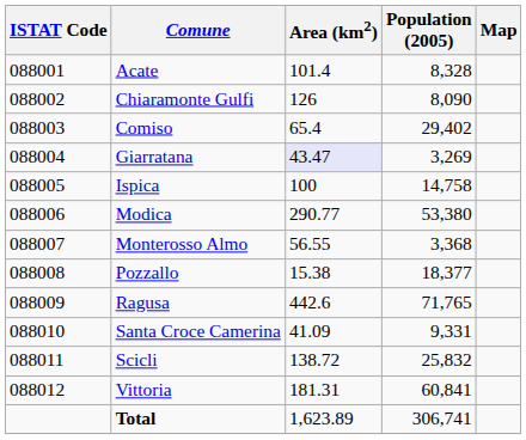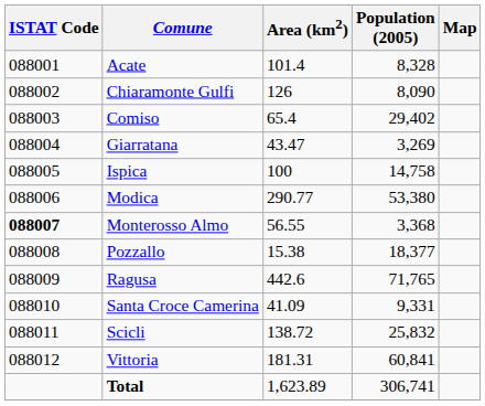 <table class="wikitable sortable">
 <tr>
 <th><a href='#'>ISTAT</a> Code</th>
 <th><em><a href='#'>Comune</a></em></th>
 <th>Area (km<sup>2</sup>)</th>
 <th>Population <br>(2005)</th>
 <th>Map</th>
 </tr>
 <tr>
 <td>088001</td>
 <td><a href='#'>Acate</a></td>
 <td>101.4</td>
 <td align="right">8,328</td>
 <td></td>
 </tr>
 <tr>
 <td>088002</td>
 <td><a href='#'>Chiaramonte Gulfi</a></td>
 <td>126</td>
 <td align="right">8,090</td>
 <td></td>
 </tr>
 <tr>
 <td>088003</td>
 <td><a href='#'>Comiso</a></td>
 <td>65.4</td>
 <td align="right">29,402</td>
 <td></td>
 </tr>
 <tr>
 <td>088004</td>
 <td><a href='#'>Giarratana</a></td>
-<td style="background: lavender;">43.47</td>
+<td>43.47</td>
 <td align="right">3,269</td>
 <td></td>
 </tr>
 <tr>
 <td>088005</td>
 <td><a href='#'>Ispica</a></td>
 <td>100</td>
 <td align="right">14,758</td>
 <td></td>
 </tr>
 <tr>
 <td>088006</td>
 <td><a href='#'>Modica</a></td>
 <td>290.77</td>
 <td align="right">53,380</td>
 <td></td>
 </tr>
 <tr>
-<td>088007</td>
+<td><strong>088007</strong></td>
 <td><a href='#'>Monterosso Almo</a></td>
 <td>56.55</td>
 <td align="right">3,368</td>
 <td></td>
 </tr>
 <tr>
 <td>088008</td>
 <td><a href='#'>Pozzallo</a></td>
 <td>15.38</td>
 <td align="right">18,377</td>
 <td></td>
 </tr>
 <tr>
 <td>088009</td>
 <td><a href='#'>Ragusa</a></td>
 <td>442.6</td>
 <td align="right">71,765</td>
 <td></td>
 </tr>
 <tr>
 <td>088010</td>
 <td><a href='#'>Santa Croce Camerina</a></td>
 <td>41.09</td>
 <td align="right">9,331</td>
 <td></td>
 </tr>
 <tr>
 <td>088011</td>
 <td><a href='#'>Scicli</a></td>
 <td>138.72</td>
 <td align="right">25,832</td>
 <td></td>
 </tr>
 <tr>
 <td>088012</td>
 <td><a href='#'>Vittoria</a></td>
 <td>181.31</td>
 <td align="right">60,841</td>
 <td></td>
 </tr>
 <tr>
 <td></td>
 <td><strong>Total</strong></td>
 <td>1,623.89</td>
 <td align="right">306,741</td>
 <td></td>
 </tr>
 <tr>
 </tr>
 </table>
